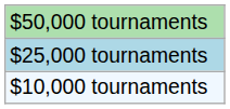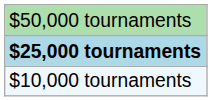 <table class="wikitable" style="font-size:90%;" width=12%>
 <tr style="background:#addfad;">
 <td>$50,000 tournaments</td>
 </tr>
 <tr style="background:lightblue;">
-<td>$25,000 tournaments</td>
+<td><strong>$25,000 tournaments</strong></td>
 </tr>
 <tr style="background:#f0f8ff;">
 <td>$10,000 tournaments</td>
 </tr>
 </table>
